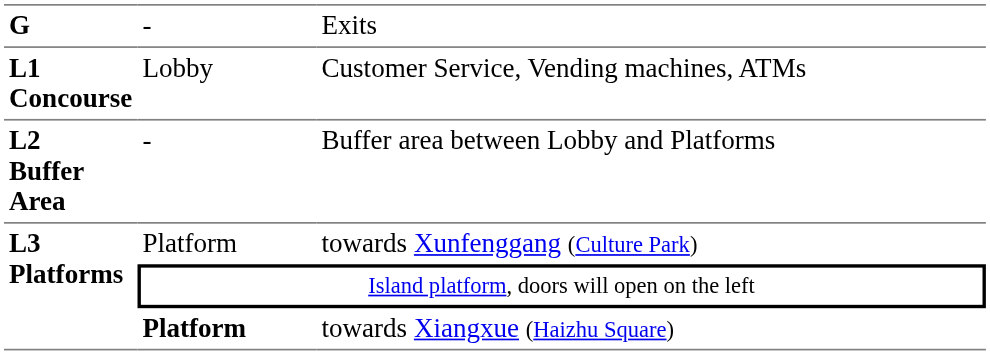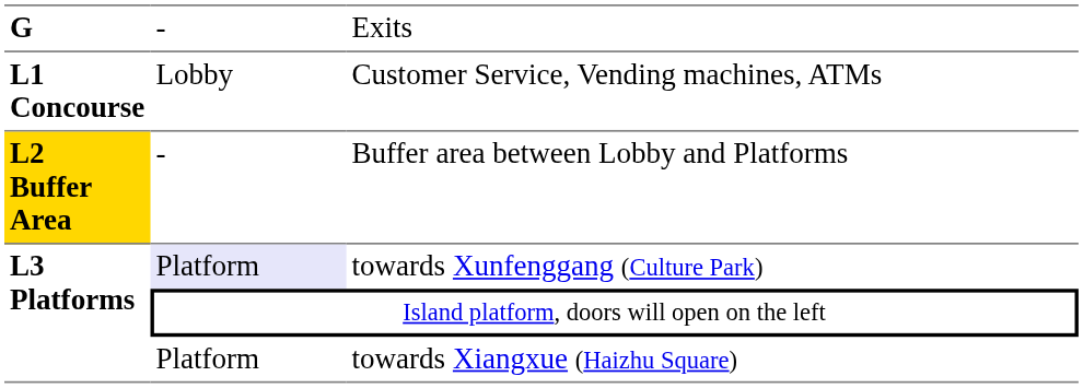 <table table border=0 cellspacing=0 cellpadding=3>
 <tr>
 <td style="border-top:solid 1px gray;border-bottom:solid 1px gray;" width=50 valign=top><strong>G</strong></td>
 <td style="border-top:solid 1px gray;border-bottom:solid 1px gray;" width=100 valign=top>-</td>
 <td style="border-top:solid 1px gray;border-bottom:solid 1px gray;" width=390 valign=top>Exits</td>
 </tr>
 <tr>
 <td style="border-bottom:solid 1px gray;" valign=top width=50><strong>L1<br>Concourse</strong></td>
 <td style="border-bottom:solid 1px gray;" valign=top width=100>Lobby</td>
 <td style="border-bottom:solid 1px gray;" valign=top width=390>Customer Service, Vending machines, ATMs</td>
 </tr>
 <tr>
-<td style="border-bottom:solid 1px gray;" valign=top><strong>L2<br>Buffer Area</strong></td>
+<td style="background: gold; border-bottom:solid 1px gray;" valign=top><strong>L2<br>Buffer Area</strong></td>
 <td style="border-bottom:solid 1px gray;" valign=top>-</td>
 <td style="border-bottom:solid 1px gray;" valign=top>Buffer area between Lobby and Platforms</td>
 </tr>
 <tr>
 <td style="border-bottom:solid 1px gray;" valign=top width=50 rowspan=3><strong>L3<br>Platforms</strong></td>
-<td>Platform </td>
+<td style="background: lavender;">Platform </td>
 <td>  towards <a href='#'>Xunfenggang</a> <small>(<a href='#'>Culture Park</a>)</small></td>
 </tr>
 <tr>
 <td style="border-top:solid 2px black;border-right:solid 2px black;border-left:solid 2px black;border-bottom:solid 2px black;font-size:smaller;text-align:center;" colspan=2><a href='#'>Island platform</a>, doors will open on the left</td>
 </tr>
 <tr>
-<td style="border-bottom:solid 1px gray;"><strong>Platform </strong></td>
+<td style="border-bottom:solid 1px gray;">Platform </td>
 <td style="border-bottom:solid 1px gray;"> towards <a href='#'>Xiangxue</a> <small>(<a href='#'>Haizhu Square</a>)</small> </td>
 </tr>
 </table>
